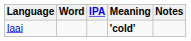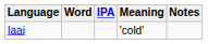 <table class="wikitable">
 <tr>
 <th colspan="2">Language</th>
 <th>Word</th>
 <th><a href='#'>IPA</a></th>
 <th>Meaning</th>
 <th>Notes</th>
 </tr>
 <tr>
 <td colspan="2"><a href='#'>Iaai</a></td>
 <td></td>
 <td></td>
-<td><strong>'cold'</strong></td>
+<td>'cold'</td>
 <td></td>
 </tr>
 </table>
